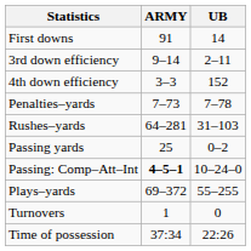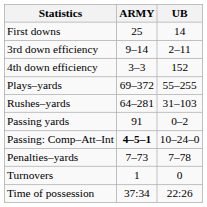 <table class="wikitable">
 <tr>
 <th>Statistics</th>
 <th>ARMY</th>
 <th>UB</th>
 </tr>
 <tr>
 <td>First downs</td>
-<td align=center>91</td>
+<td align=center>25</td>
 <td align=center>14</td>
 </tr>
 <tr>
 <td>3rd down efficiency</td>
 <td align=center>9–14</td>
 <td align=center>2–11</td>
 </tr>
 <tr>
 <td>4th down efficiency</td>
 <td align=center>3–3</td>
 <td align=center>152</td>
 </tr>
 <tr>
-<td>Penalties–yards</td>
-<td align=center>7–73</td>
-<td align=center>7–78</td>
+<td>Plays–yards</td>
+<td align=center>69–372</td>
+<td align=center>55–255</td>
 </tr>
 <tr>
 <td>Rushes–yards</td>
 <td align=center>64–281</td>
 <td align=center>31–103</td>
 </tr>
 <tr>
 <td>Passing yards</td>
-<td align=center>25</td>
+<td align=center>91</td>
 <td align=center>0–2</td>
 </tr>
 <tr>
 <td>Passing: Comp–Att–Int</td>
 <td align=center><strong>4–5–1</strong></td>
 <td align=center>10–24–0</td>
 </tr>
 <tr>
-<td>Plays–yards</td>
-<td align=center>69–372</td>
-<td align=center>55–255</td>
+<td>Penalties–yards</td>
+<td align=center>7–73</td>
+<td align=center>7–78</td>
 </tr>
 <tr>
 <td>Turnovers</td>
 <td align=center>1</td>
 <td align=center>0</td>
 </tr>
 <tr>
 <td>Time of possession</td>
 <td align=center>37:34</td>
 <td align=center>22:26</td>
 </tr>
 </table>
